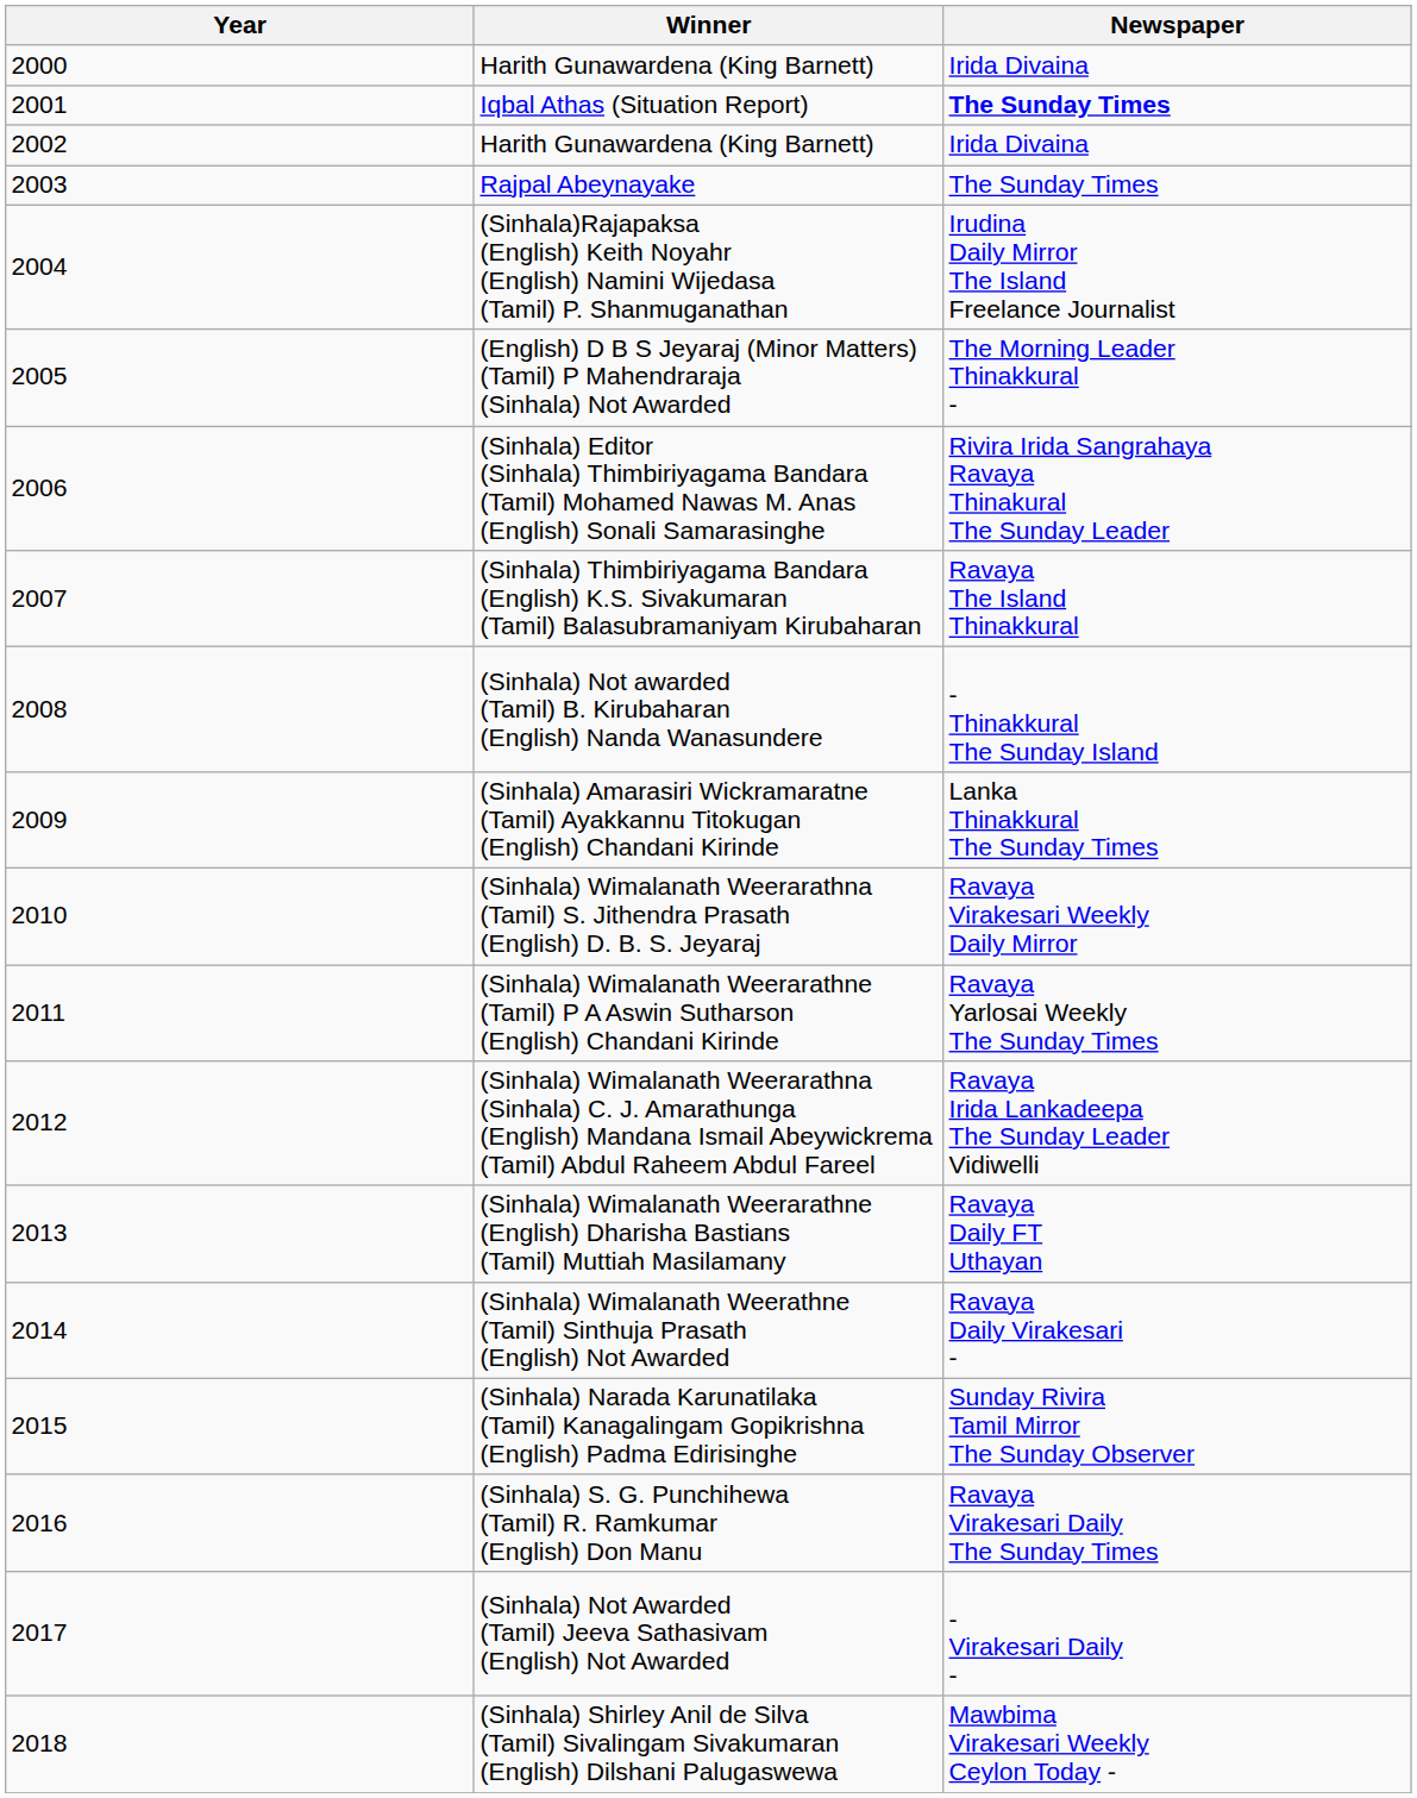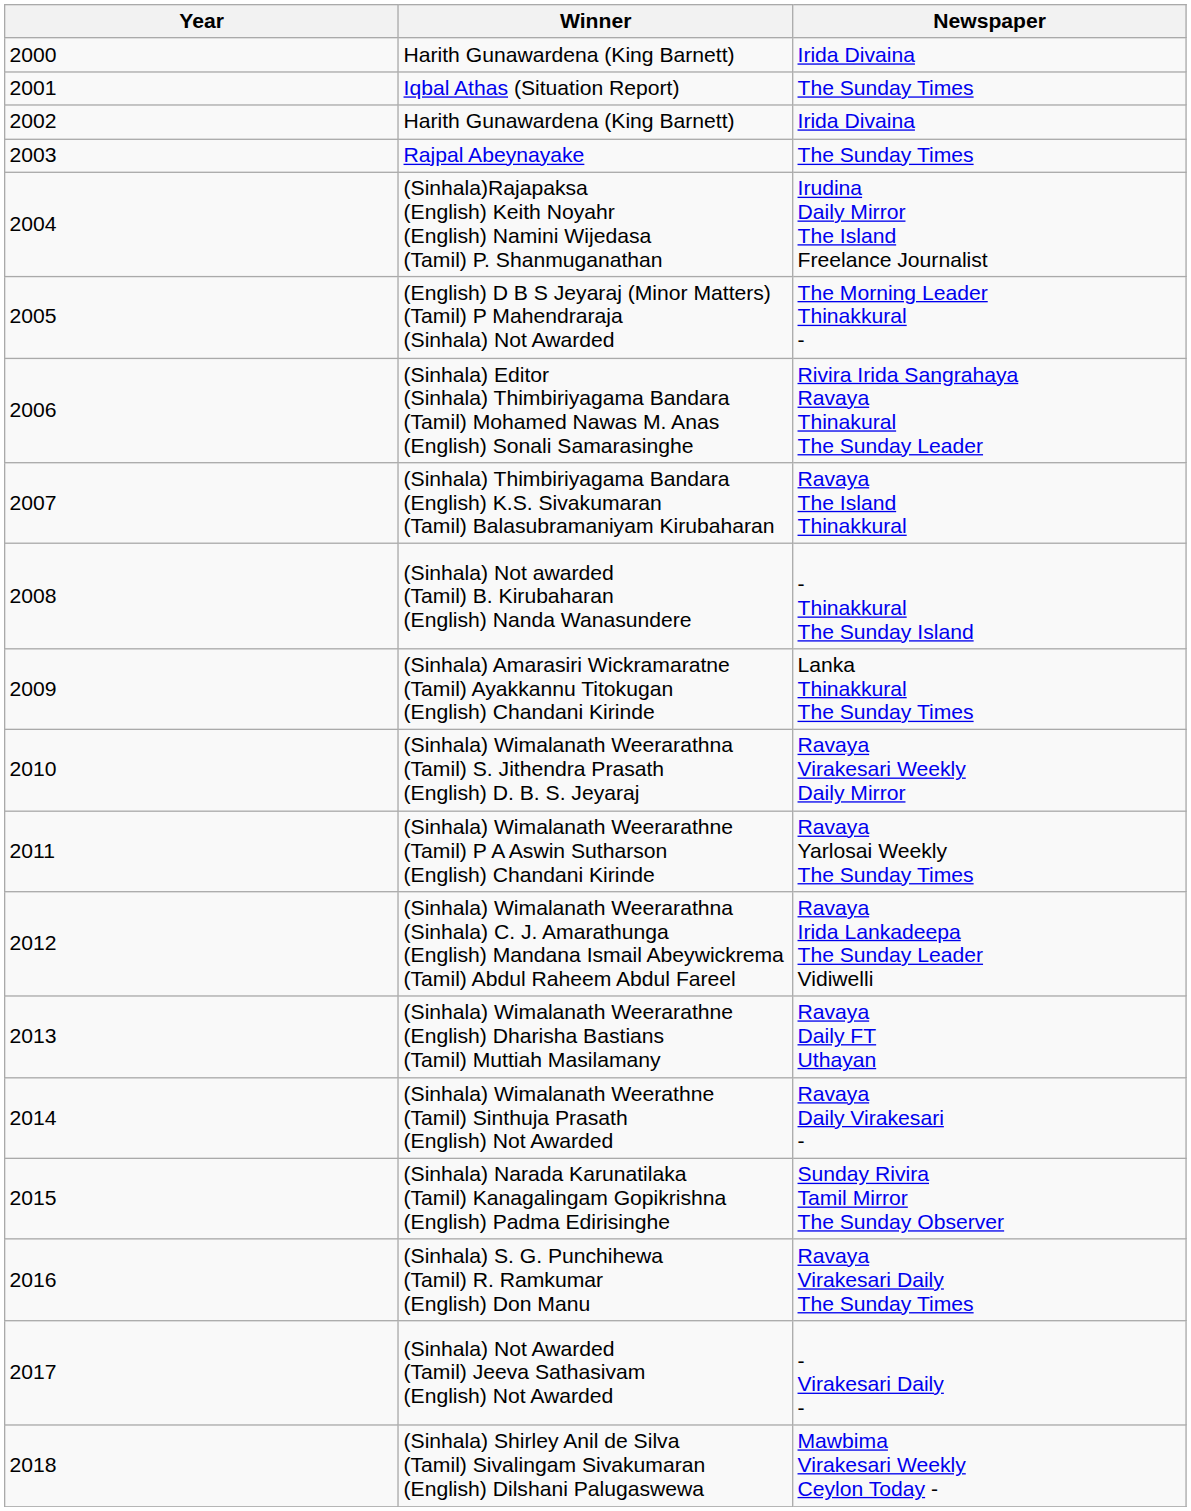 <table class="wikitable sortable mw-collapsible mw-collapsed">
 <tr>
 <th width="33%">Year</th>
 <th width="33%">Winner</th>
 <th width="33%">Newspaper</th>
 </tr>
 <tr>
 <td>2000</td>
 <td>Harith Gunawardena (King Barnett)</td>
 <td><a href='#'>Irida Divaina</a></td>
 </tr>
 <tr>
 <td>2001</td>
 <td><a href='#'>Iqbal Athas</a> (Situation Report)</td>
-<td><strong><a href='#'>The Sunday Times</a></strong></td>
+<td><a href='#'>The Sunday Times</a></td>
 </tr>
 <tr>
 <td>2002</td>
 <td>Harith Gunawardena (King Barnett)</td>
 <td><a href='#'>Irida Divaina</a></td>
 </tr>
 <tr>
 <td>2003</td>
 <td><a href='#'>Rajpal Abeynayake</a></td>
 <td><a href='#'>The Sunday Times</a></td>
 </tr>
 <tr>
 <td>2004</td>
 <td>(Sinhala)Rajapaksa<br>(English) Keith Noyahr<br>(English) Namini Wijedasa<br>(Tamil) P. Shanmuganathan</td>
 <td><a href='#'>Irudina</a><br><a href='#'>Daily Mirror</a><br><a href='#'>The Island</a><br>Freelance Journalist</td>
 </tr>
 <tr>
 <td>2005</td>
 <td>(English) D B S Jeyaraj (Minor Matters)<br>(Tamil) P Mahendraraja<br>(Sinhala) Not Awarded</td>
 <td><a href='#'>The Morning Leader</a><br><a href='#'>Thinakkural</a><br>-</td>
 </tr>
 <tr>
 <td>2006</td>
 <td>(Sinhala) Editor<br>(Sinhala) Thimbiriyagama Bandara<br>(Tamil) Mohamed Nawas M. Anas<br>(English) Sonali Samarasinghe</td>
 <td><a href='#'>Rivira Irida Sangrahaya</a><br><a href='#'>Ravaya</a><br><a href='#'>Thinakural</a><br><a href='#'>The Sunday Leader</a></td>
 </tr>
 <tr>
 <td>2007</td>
 <td>(Sinhala) Thimbiriyagama Bandara<br>(English) K.S. Sivakumaran<br>(Tamil) Balasubramaniyam Kirubaharan</td>
 <td><a href='#'>Ravaya</a><br><a href='#'>The Island</a><br><a href='#'>Thinakkural</a></td>
 </tr>
 <tr>
 <td>2008</td>
 <td>(Sinhala) Not awarded<br>(Tamil) B. Kirubaharan<br>(English) Nanda Wanasundere</td>
 <td><br>-<br><a href='#'>Thinakkural</a><br><a href='#'>The Sunday Island</a></td>
 </tr>
 <tr>
 <td>2009</td>
 <td>(Sinhala) Amarasiri Wickramaratne<br>(Tamil) Ayakkannu Titokugan<br>(English) Chandani Kirinde</td>
 <td>Lanka<br><a href='#'>Thinakkural</a><br><a href='#'>The Sunday Times</a></td>
 </tr>
 <tr>
 <td>2010</td>
 <td>(Sinhala) Wimalanath Weerarathna<br>(Tamil) S. Jithendra Prasath<br>(English) D. B. S. Jeyaraj</td>
 <td><a href='#'>Ravaya</a><br><a href='#'>Virakesari Weekly</a><br><a href='#'>Daily Mirror</a></td>
 </tr>
 <tr>
 <td>2011</td>
 <td>(Sinhala) Wimalanath Weerarathne<br>(Tamil) P A Aswin Sutharson<br>(English) Chandani Kirinde</td>
 <td><a href='#'>Ravaya</a><br>Yarlosai Weekly<br><a href='#'>The Sunday Times</a></td>
 </tr>
 <tr>
 <td>2012</td>
 <td>(Sinhala) Wimalanath Weerarathna<br>(Sinhala) C. J. Amarathunga<br>(English) Mandana Ismail Abeywickrema<br>(Tamil) Abdul Raheem Abdul Fareel</td>
 <td><a href='#'>Ravaya</a><br><a href='#'>Irida Lankadeepa</a><br><a href='#'>The Sunday Leader</a><br>Vidiwelli</td>
 </tr>
 <tr>
 <td>2013</td>
 <td>(Sinhala) Wimalanath Weerarathne<br>(English) Dharisha Bastians<br>(Tamil) Muttiah Masilamany</td>
 <td><a href='#'>Ravaya</a><br><a href='#'>Daily FT</a><br><a href='#'>Uthayan</a></td>
 </tr>
 <tr>
 <td>2014</td>
 <td>(Sinhala) Wimalanath Weerathne<br>(Tamil) Sinthuja Prasath<br>(English) Not Awarded</td>
 <td><a href='#'>Ravaya</a><br><a href='#'>Daily Virakesari</a><br>-</td>
 </tr>
 <tr>
 <td>2015</td>
 <td>(Sinhala) Narada Karunatilaka<br>(Tamil) Kanagalingam Gopikrishna<br>(English) Padma Edirisinghe</td>
 <td><a href='#'>Sunday Rivira</a><br><a href='#'>Tamil Mirror</a><br><a href='#'>The Sunday Observer</a></td>
 </tr>
 <tr>
 <td>2016</td>
 <td>(Sinhala) S. G. Punchihewa<br>(Tamil) R. Ramkumar<br>(English) Don Manu</td>
 <td><a href='#'>Ravaya</a><br><a href='#'>Virakesari Daily</a><br><a href='#'>The Sunday Times</a></td>
 </tr>
 <tr>
 <td>2017</td>
 <td>(Sinhala) Not Awarded<br>(Tamil) Jeeva Sathasivam<br>(English) Not Awarded</td>
 <td><br>-<br><a href='#'>Virakesari Daily</a><br>-</td>
 </tr>
 <tr>
 <td>2018</td>
 <td>(Sinhala) Shirley Anil de Silva<br>(Tamil) Sivalingam Sivakumaran<br>(English) Dilshani Palugaswewa</td>
 <td><a href='#'>Mawbima</a><br><a href='#'>Virakesari Weekly</a><br><a href='#'>Ceylon Today</a> -</td>
 </tr>
 </table>
